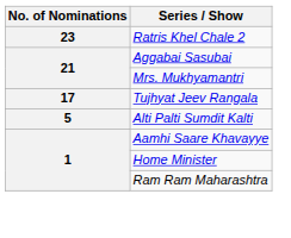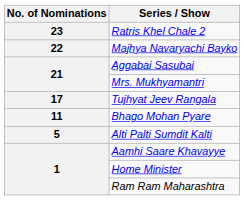 <table class="wikitable" style="display:inline-table;">
 <tr>
 <th>No. of Nominations</th>
 <th>Series / Show</th>
 </tr>
 <tr>
 <th>23</th>
 <td><em><a href='#'>Ratris Khel Chale 2</a></em></td>
+</tr>
+<tr>
+<th>22</th>
+<td><em><a href='#'>Majhya Navaryachi Bayko</a></em></td>
 </tr>
 <tr>
 <th rowspan="2">21</th>
 <td><em><a href='#'>Aggabai Sasubai</a></em></td>
 </tr>
 <tr>
 <td><em><a href='#'>Mrs. Mukhyamantri</a></em></td>
 </tr>
 <tr>
 <th>17</th>
 <td><em><a href='#'>Tujhyat Jeev Rangala</a></em></td>
+</tr>
+<tr>
+<th>11</th>
+<td><em><a href='#'>Bhago Mohan Pyare</a></em></td>
 </tr>
 <tr>
 <th>5</th>
 <td><em><a href='#'>Alti Palti Sumdit Kalti</a></em></td>
 </tr>
 <tr>
 <th rowspan="3">1</th>
 <td><em><a href='#'>Aamhi Saare Khavayye</a></em></td>
 </tr>
 <tr>
 <td><em><a href='#'>Home Minister</a></em></td>
 </tr>
 <tr>
 <td><em>Ram Ram Maharashtra</em></td>
 </tr>
 </table>
